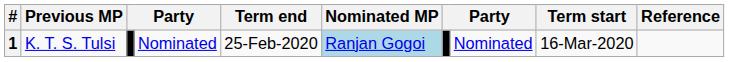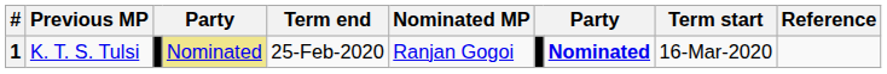 <table class="wikitable sortable">
 <tr>
 <th>#</th>
 <th>Previous MP</th>
 <th colspan="2">Party</th>
 <th>Term end</th>
 <th>Nominated MP</th>
 <th colspan="2">Party</th>
 <th>Term start</th>
 <th>Reference</th>
 </tr>
 <tr>
 <th>1</th>
 <td><a href='#'>K. T. S. Tulsi</a></td>
 <td bgcolor="000000"></td>
-<td><a href='#'>Nominated</a></td>
+<td style="background: khaki;"><a href='#'>Nominated</a></td>
 <td>25-Feb-2020</td>
-<td style="background: lightblue;"><a href='#'>Ranjan Gogoi</a></td>
+<td><a href='#'>Ranjan Gogoi</a></td>
 <td bgcolor="000000"></td>
-<td><a href='#'>Nominated</a></td>
+<td><strong><a href='#'>Nominated</a></strong></td>
 <td>16-Mar-2020</td>
 <td></td>
 </tr>
 </table>
